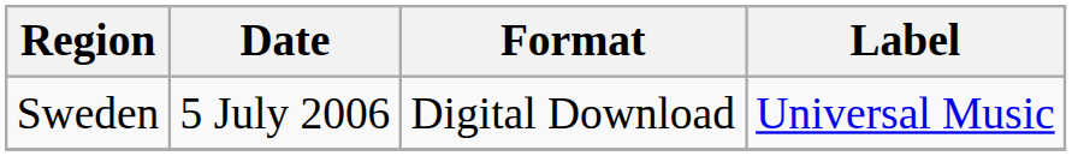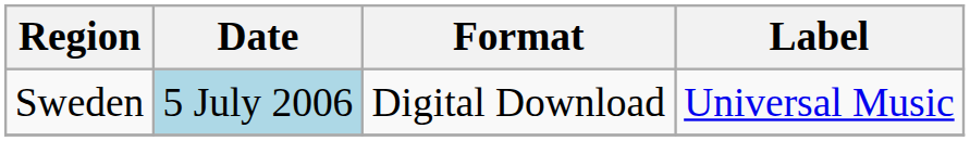 <table class=wikitable>
 <tr>
 <th>Region</th>
 <th>Date</th>
 <th>Format</th>
 <th>Label</th>
 </tr>
 <tr>
 <td>Sweden</td>
-<td>5 July 2006</td>
+<td style="background: lightblue;">5 July 2006</td>
 <td>Digital Download</td>
 <td><a href='#'>Universal Music</a></td>
 </tr>
 <tr>
 </tr>
 </table>
